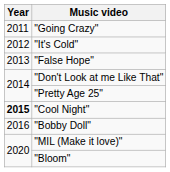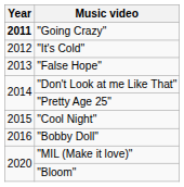 <table class="wikitable">
 <tr>
 <th scope="col">Year</th>
 <th>Music video</th>
 </tr>
 <tr>
-<td>2011</td>
+<td><strong>2011</strong></td>
 <td>"Going Crazy"</td>
 </tr>
 <tr>
 <td>2012</td>
 <td>"It's Cold"</td>
 </tr>
 <tr>
 <td>2013</td>
 <td>"False Hope"</td>
 </tr>
 <tr>
 <td rowspan="2">2014</td>
 <td>"Don't Look at me Like That"</td>
 </tr>
 <tr>
 <td>"Pretty Age 25"</td>
 </tr>
 <tr>
-<td><strong>2015</strong></td>
+<td>2015</td>
 <td>"Cool Night"</td>
 </tr>
 <tr>
 <td>2016</td>
 <td>"Bobby Doll"</td>
 </tr>
 <tr>
 <td rowspan="2">2020</td>
 <td>"MIL (Make it love)"</td>
 </tr>
 <tr>
 <td>"Bloom"</td>
 </tr>
 </table>
